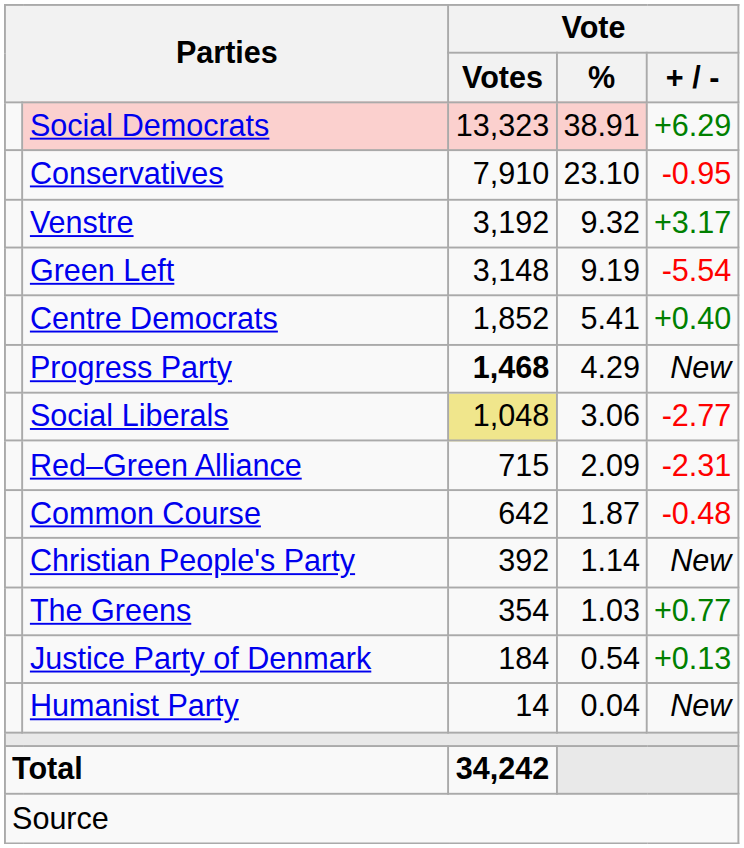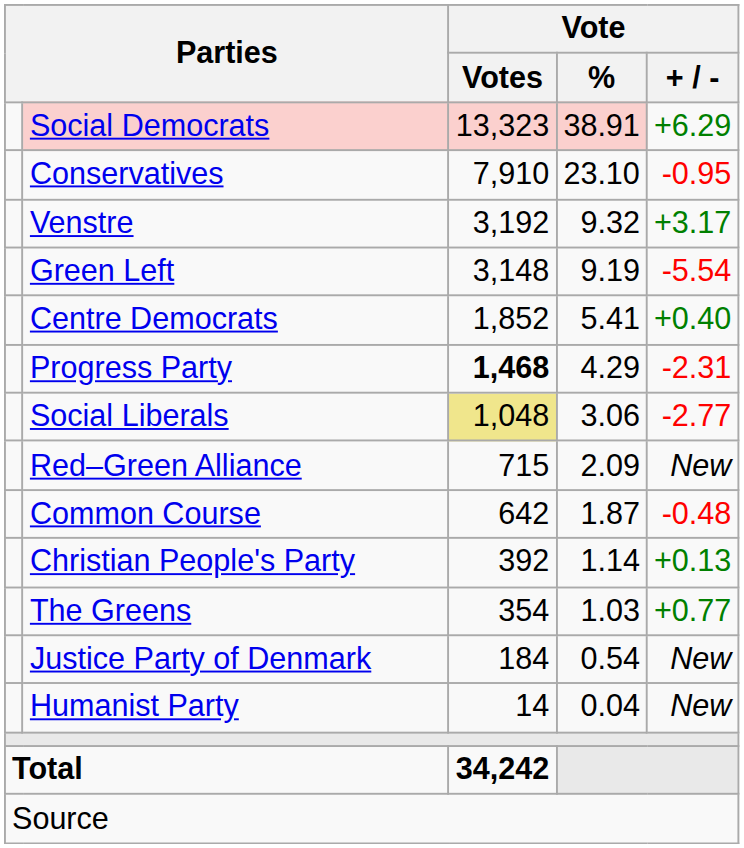 <table class="wikitable" style="text-align:right;">
 <tr>
 <th style="text-align:centre;" rowspan="2" colspan="2" width="225">Parties</th>
 <th colspan="3">Vote</th>
 </tr>
 <tr>
 <th width="15">Votes</th>
 <th width="15">%</th>
 <th width="15">+ / -</th>
 </tr>
 <tr>
 <td width="2" style="color:inherit;background:"></td>
 <td bgcolor=#fbd0ce  align="left"><a href='#'>Social Democrats</a></td>
 <td bgcolor=#fbd0ce>13,323</td>
 <td bgcolor=#fbd0ce>38.91</td>
 <td style=color:green;>+6.29</td>
 </tr>
 <tr>
 <td width="2" style="color:inherit;background:"></td>
 <td align="left"><a href='#'>Conservatives</a></td>
 <td>7,910</td>
 <td>23.10</td>
 <td style=color:red;>-0.95</td>
 </tr>
 <tr>
 <td width="2" style="color:inherit;background:"></td>
 <td align="left"><a href='#'>Venstre</a></td>
 <td>3,192</td>
 <td>9.32</td>
 <td style=color:green;>+3.17</td>
 </tr>
 <tr>
 <td width="2" style="color:inherit;background:"></td>
 <td align="left"><a href='#'>Green Left</a></td>
 <td>3,148</td>
 <td>9.19</td>
 <td style=color:red;>-5.54</td>
 </tr>
 <tr>
 <td width="2" style="color:inherit;background:"></td>
 <td align="left"><a href='#'>Centre Democrats</a></td>
 <td>1,852</td>
 <td>5.41</td>
 <td style=color:green;>+0.40</td>
 </tr>
 <tr>
 <td width="2" style="color:inherit;background:"></td>
 <td align="left"><a href='#'>Progress Party</a></td>
 <td><strong>1,468</strong></td>
 <td>4.29</td>
-<td><em>New</em></td>
+<td style=color:red;>-2.31</td>
 </tr>
 <tr>
 <td width="2" style="color:inherit;background:"></td>
 <td align="left"><a href='#'>Social Liberals</a></td>
 <td style="background: khaki;">1,048</td>
 <td>3.06</td>
 <td style=color:red;>-2.77</td>
 </tr>
 <tr>
 <td width="2" style="color:inherit;background:"></td>
 <td align="left"><a href='#'>Red–Green Alliance</a></td>
 <td>715</td>
 <td>2.09</td>
-<td style=color:red;>-2.31</td>
+<td><em>New</em></td>
 </tr>
 <tr>
 <td width="2" style="color:inherit;background:"></td>
 <td align="left"><a href='#'>Common Course</a></td>
 <td>642</td>
 <td>1.87</td>
 <td style=color:red;>-0.48</td>
 </tr>
 <tr>
 <td width="2" style="color:inherit;background:"></td>
 <td align="left"><a href='#'>Christian People's Party</a></td>
 <td>392</td>
 <td>1.14</td>
-<td><em>New</em></td>
+<td style=color:green;>+0.13</td>
 </tr>
 <tr>
 <td width="2" style="color:inherit;background:"></td>
 <td align="left"><a href='#'>The Greens</a></td>
 <td>354</td>
 <td>1.03</td>
 <td style=color:green;>+0.77</td>
 </tr>
 <tr>
 <td width="2" style="color:inherit;background:"></td>
 <td align="left"><a href='#'>Justice Party of Denmark</a></td>
 <td>184</td>
 <td>0.54</td>
-<td style=color:green;>+0.13</td>
+<td><em>New</em></td>
 </tr>
 <tr>
 <td width="2" style="color:inherit;background:"></td>
 <td align="left"><a href='#'>Humanist Party</a></td>
 <td>14</td>
 <td>0.04</td>
 <td><em>New</em></td>
 </tr>
 <tr>
 <td colspan="7" bgcolor="#E9E9E9"></td>
 </tr>
 <tr>
 <td align="left" colspan="2"><strong>Total</strong></td>
 <td><strong>34,242</strong></td>
 <td bgcolor="#E9E9E9" colspan="2"></td>
 </tr>
 <tr>
 <td align="left" colspan="6">Source</td>
 </tr>
 </table>
